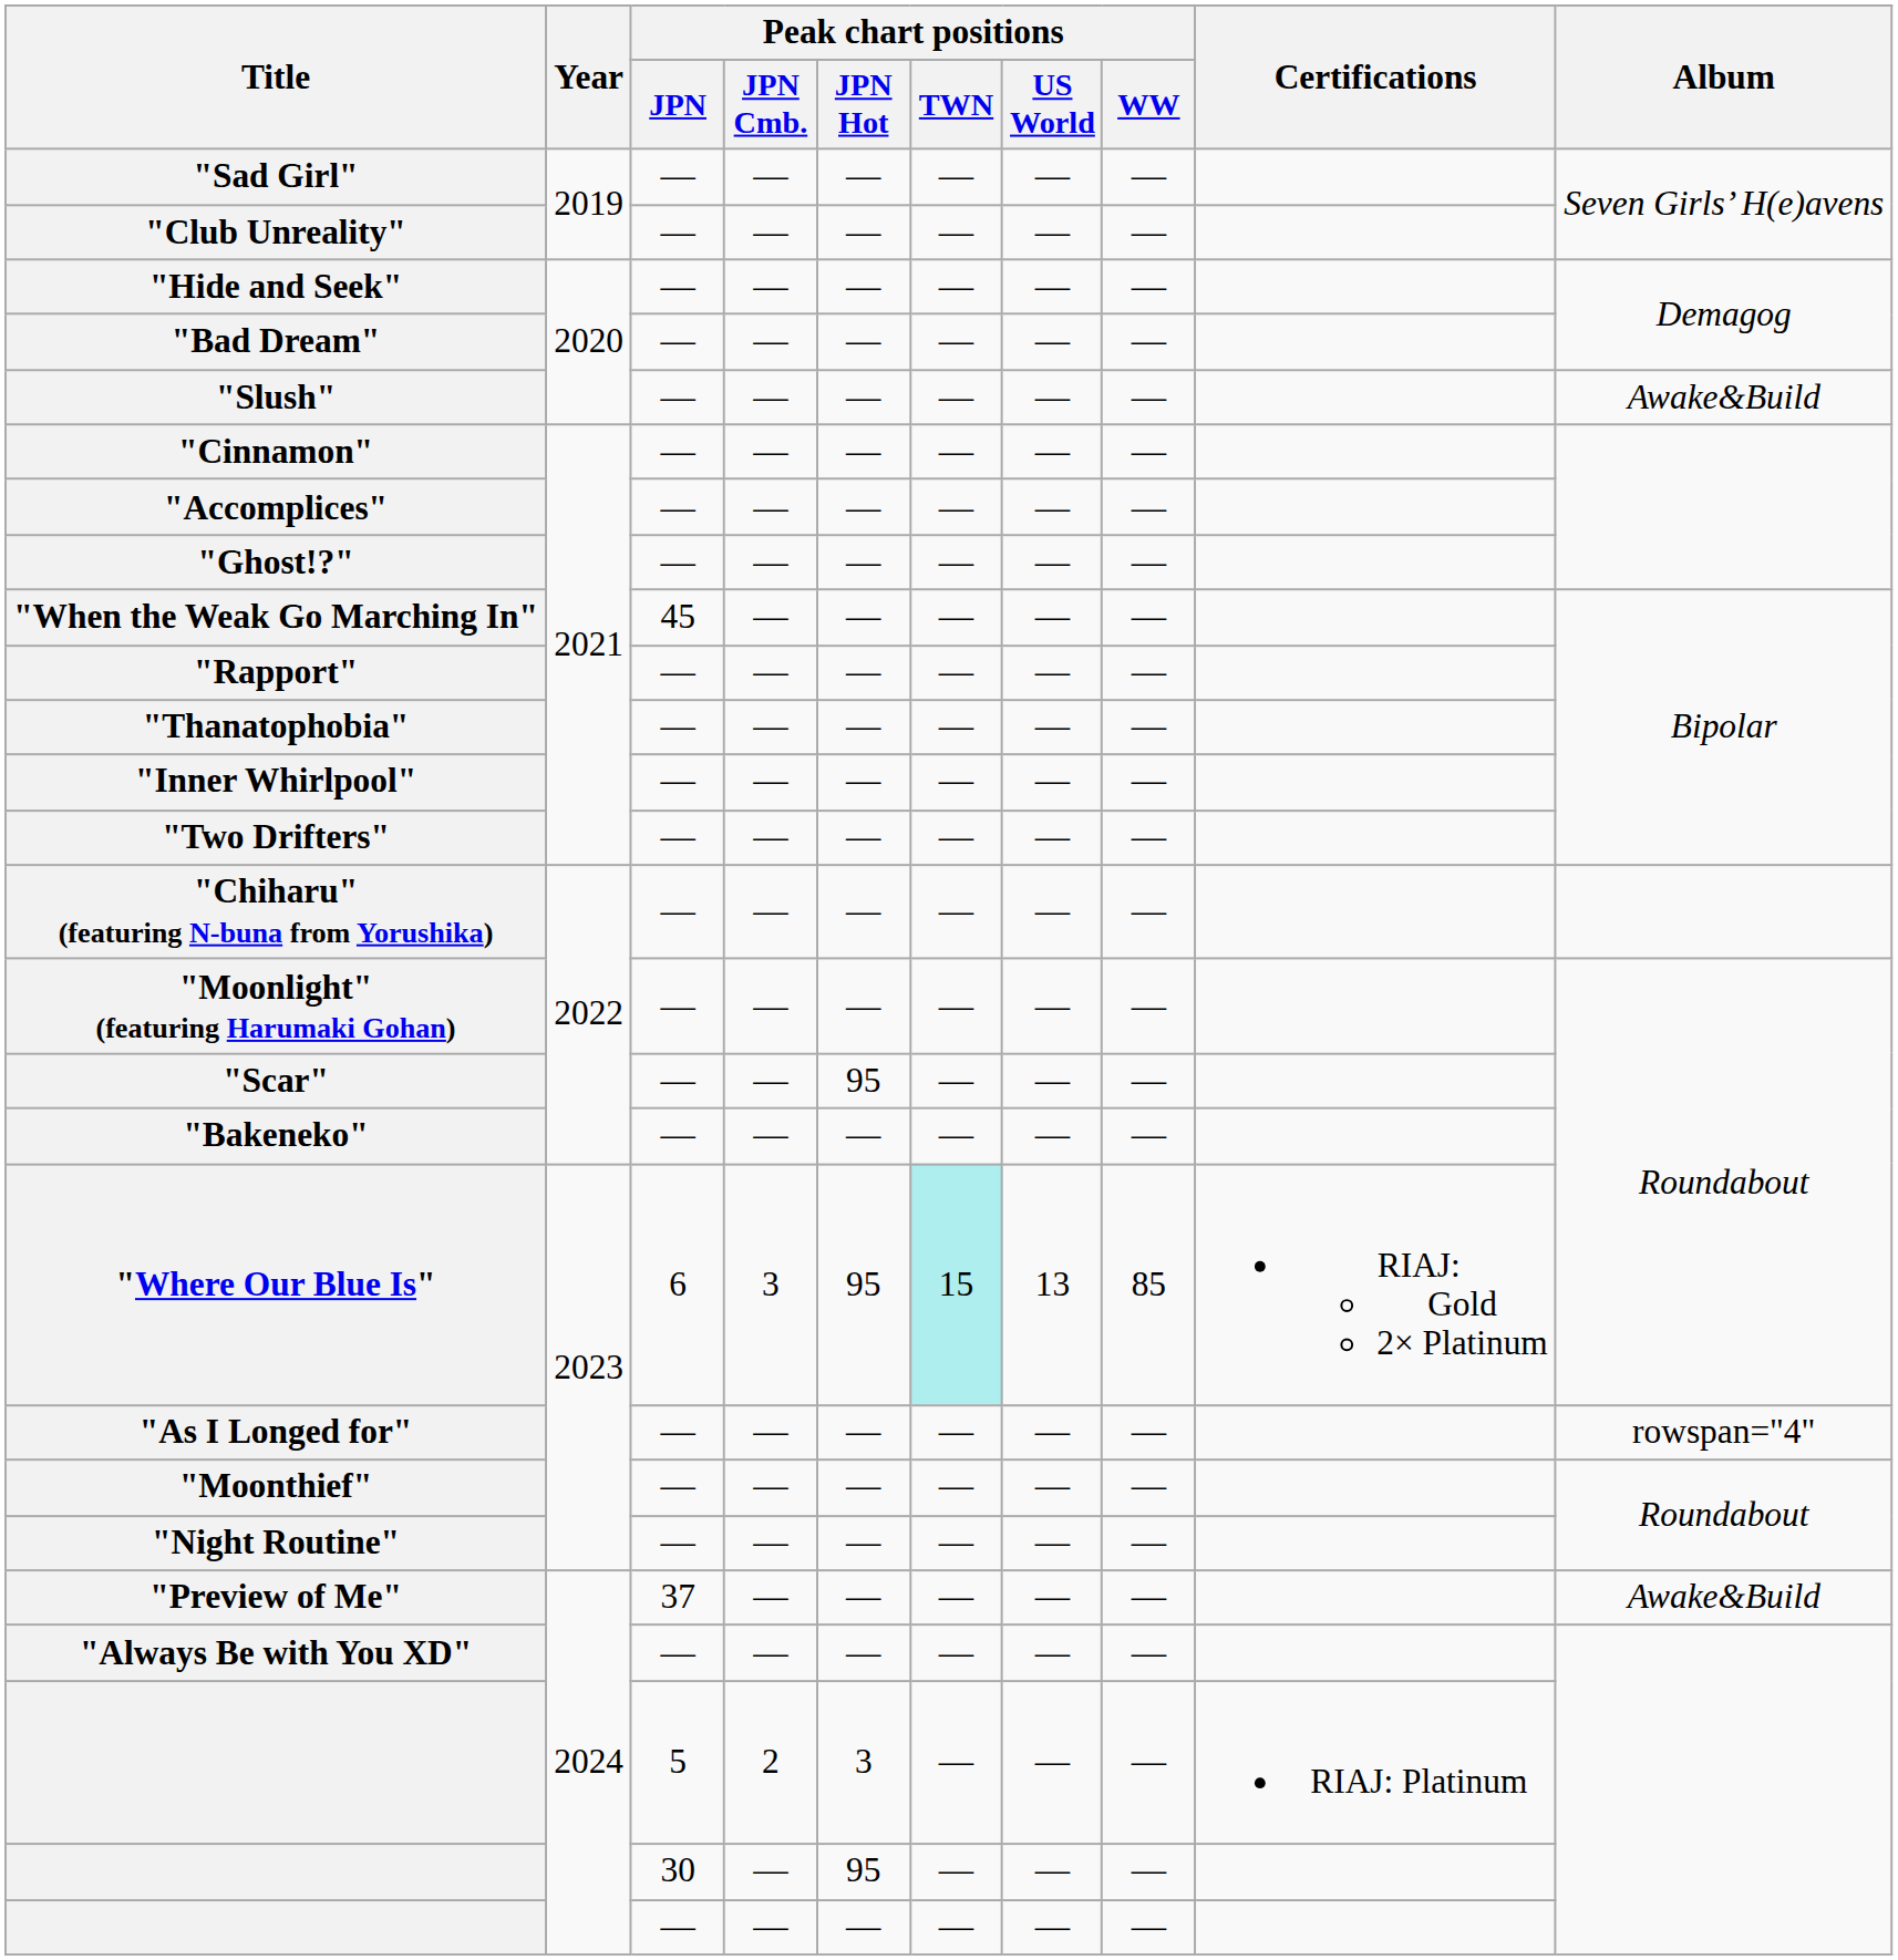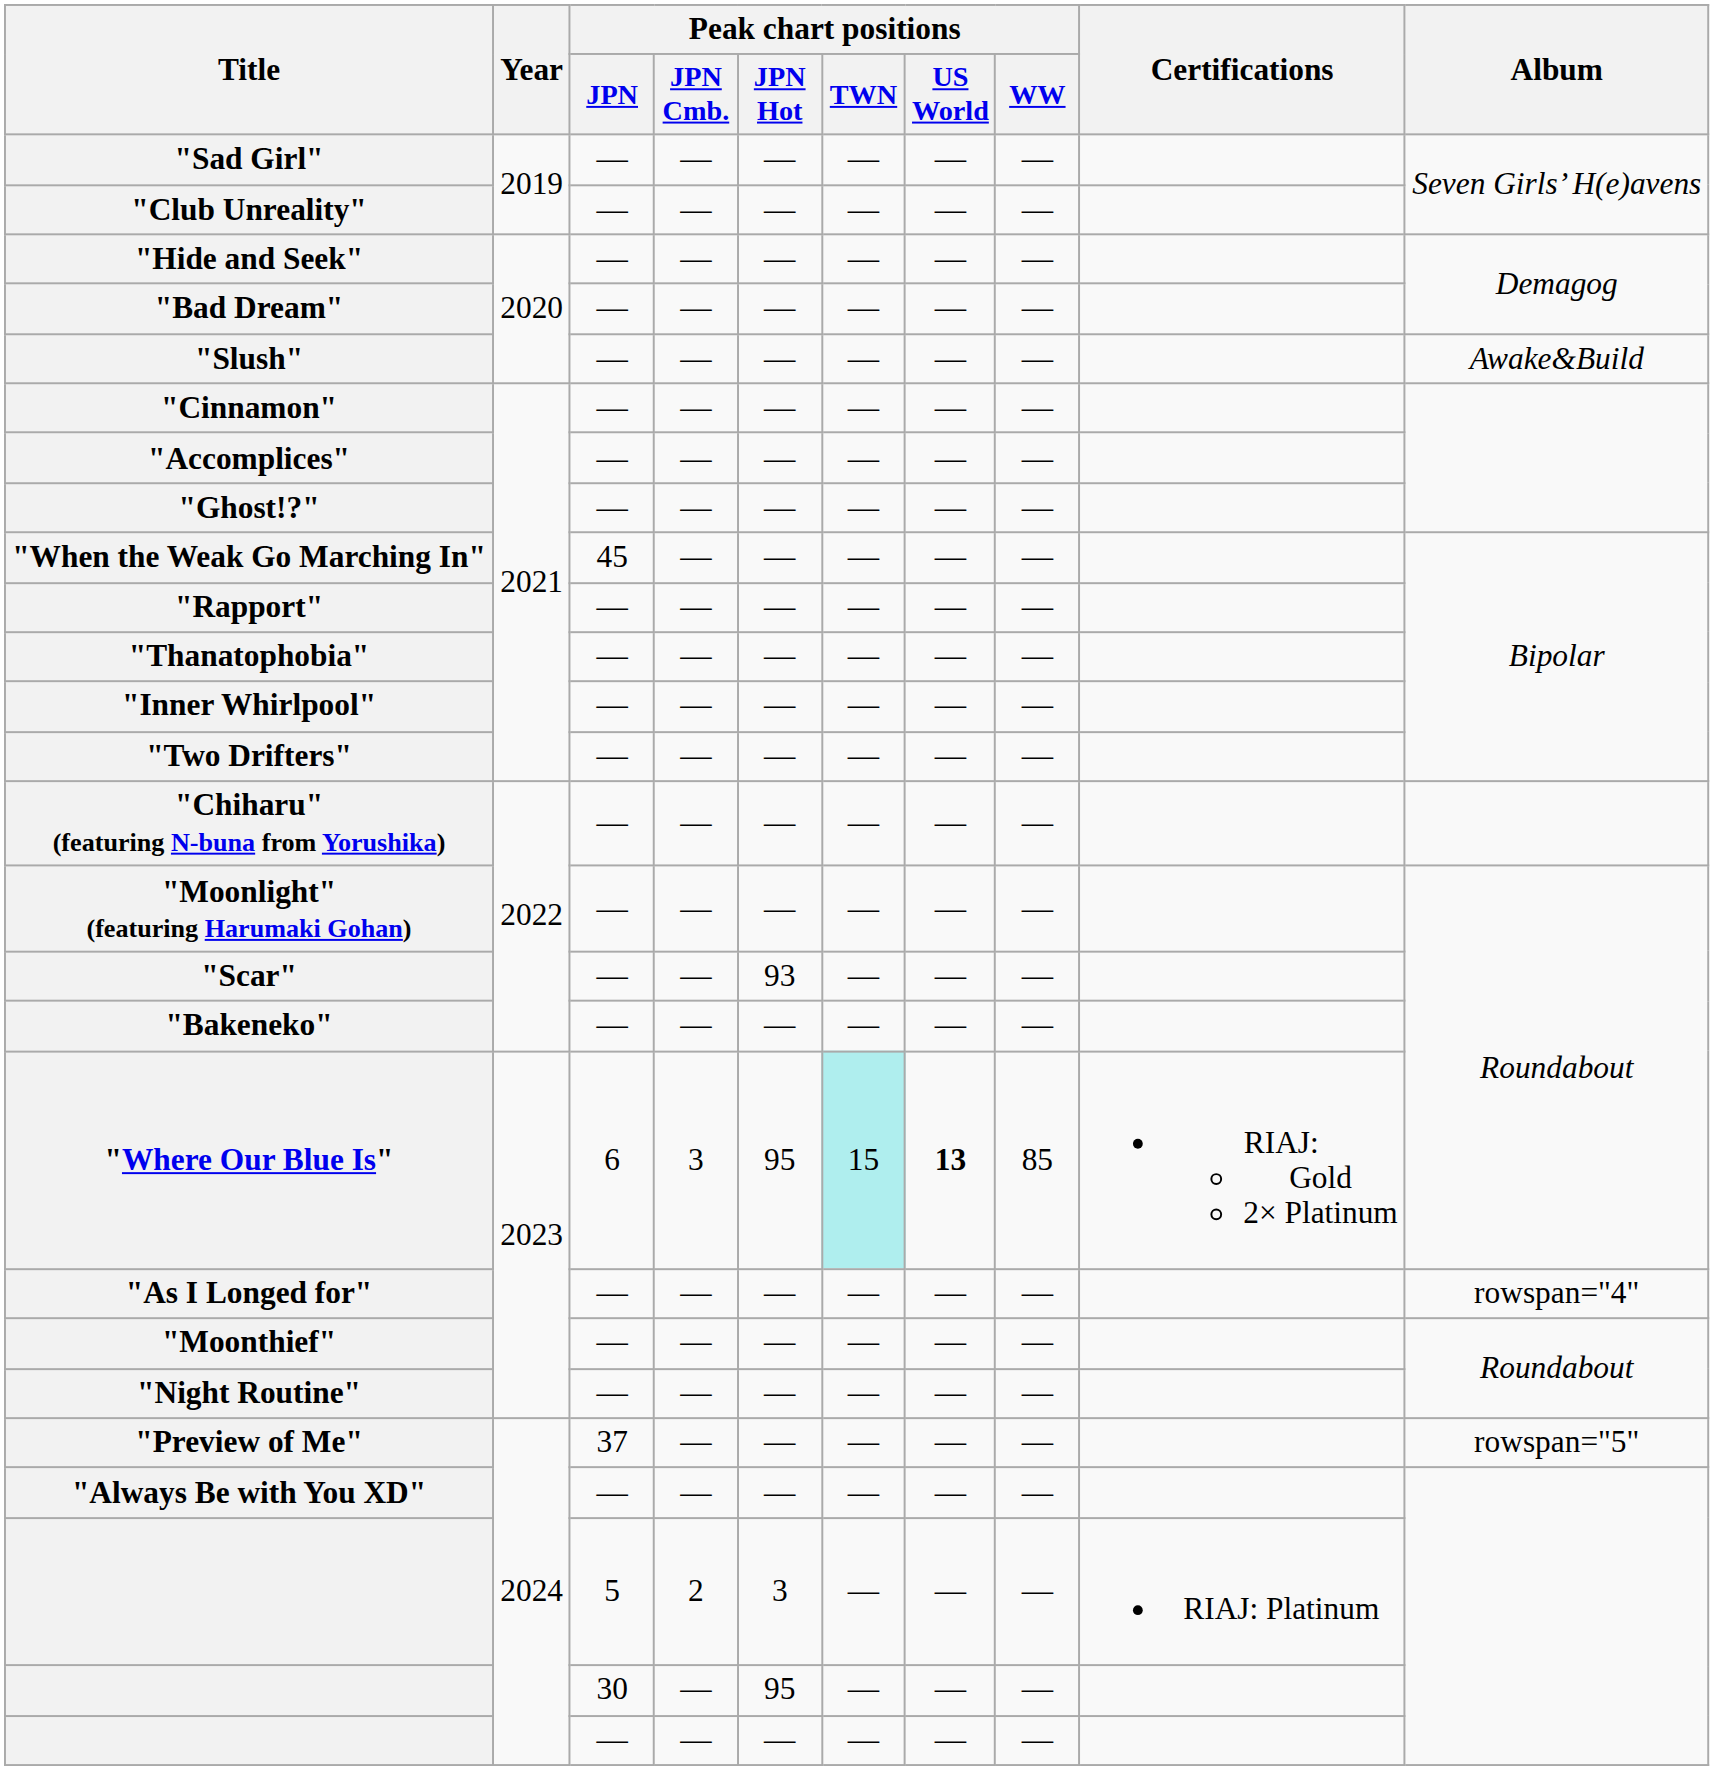 <table class="wikitable plainrowheaders" style="text-align:center;">
 <tr>
 <th rowspan="2" scope="col">Title</th>
 <th rowspan="2" scope="col">Year</th>
 <th colspan="6" scope="col">Peak chart positions</th>
 <th rowspan="2" scope="col">Certifications</th>
 <th rowspan="2" scope="col">Album</th>
 </tr>
 <tr>
 <th scope="col" style="width:2.5em;font-size:90%;"><a href='#'>JPN</a><br></th>
 <th scope="col" style="width:2.5em;font-size:90%;"><a href='#'>JPN<br>Cmb.</a><br></th>
 <th scope="col" style="width:2.5em;font-size:90%;"><a href='#'>JPN<br>Hot</a><br></th>
 <th scope="col" style="width:2.5em;font-size:90%;"><a href='#'>TWN</a><br></th>
 <th scope="col" style="width:2.5em;font-size:90%;"><a href='#'>US<br>World</a><br></th>
 <th scope="col" style="width:2.5em;font-size:90%;"><a href='#'>WW</a><br></th>
 </tr>
 <tr>
 <th scope="row">"Sad Girl"</th>
 <td rowspan="2">2019</td>
 <td>—</td>
 <td>—</td>
 <td>—</td>
 <td>—</td>
 <td>—</td>
 <td>—</td>
 <td></td>
 <td rowspan="2"><em>Seven Girls’ H(e)avens</em></td>
 </tr>
 <tr>
 <th scope="row">"Club Unreality" </th>
 <td>—</td>
 <td>—</td>
 <td>—</td>
 <td>—</td>
 <td>—</td>
 <td>—</td>
 <td></td>
 </tr>
 <tr>
 <th scope="row">"Hide and Seek" </th>
 <td rowspan="3">2020</td>
 <td>—</td>
 <td>—</td>
 <td>—</td>
 <td>—</td>
 <td>—</td>
 <td>—</td>
 <td></td>
 <td rowspan="2"><em>Demagog</em></td>
 </tr>
 <tr>
 <th scope="row">"Bad Dream" </th>
 <td>—</td>
 <td>—</td>
 <td>—</td>
 <td>—</td>
 <td>—</td>
 <td>—</td>
 <td></td>
 </tr>
 <tr>
 <th scope="row">"Slush" </th>
 <td>—</td>
 <td>—</td>
 <td>—</td>
 <td>—</td>
 <td>—</td>
 <td>—</td>
 <td></td>
 <td><em>Awake&Build</em></td>
 </tr>
 <tr>
 <th scope="row">"Cinnamon"</th>
 <td rowspan="8">2021</td>
 <td>—</td>
 <td>—</td>
 <td>—</td>
 <td>—</td>
 <td>—</td>
 <td>—</td>
 <td></td>
 </tr>
 <tr>
 <th scope="row">"Accomplices" </th>
 <td>—</td>
 <td>—</td>
 <td>—</td>
 <td>—</td>
 <td>—</td>
 <td>—</td>
 <td></td>
 </tr>
 <tr>
 <th scope="row">"Ghost!?"</th>
 <td>—</td>
 <td>—</td>
 <td>—</td>
 <td>—</td>
 <td>—</td>
 <td>—</td>
 <td></td>
 </tr>
 <tr>
 <th scope="row">"When the Weak Go Marching In" </th>
 <td>45</td>
 <td>—</td>
 <td>—</td>
 <td>—</td>
 <td>—</td>
 <td>—</td>
 <td></td>
 <td rowspan="5"><em>Bipolar</em></td>
 </tr>
 <tr>
 <th scope="row">"Rapport"</th>
 <td>—</td>
 <td>—</td>
 <td>—</td>
 <td>—</td>
 <td>—</td>
 <td>—</td>
 <td></td>
 </tr>
 <tr>
 <th scope="row">"Thanatophobia" </th>
 <td>—</td>
 <td>—</td>
 <td>—</td>
 <td>—</td>
 <td>—</td>
 <td>—</td>
 <td></td>
 </tr>
 <tr>
 <th scope="row">"Inner Whirlpool" </th>
 <td>—</td>
 <td>—</td>
 <td>—</td>
 <td>—</td>
 <td>—</td>
 <td>—</td>
 <td></td>
 </tr>
 <tr>
 <th scope="row">"Two Drifters" </th>
 <td>—</td>
 <td>—</td>
 <td>—</td>
 <td>—</td>
 <td>—</td>
 <td>—</td>
 <td></td>
 </tr>
 <tr>
 <th scope="row">"Chiharu" <br><small>(featuring <a href='#'>N-buna</a> from <a href='#'>Yorushika</a>)</small></th>
 <td rowspan="4">2022</td>
 <td>—</td>
 <td>—</td>
 <td>—</td>
 <td>—</td>
 <td>—</td>
 <td>—</td>
 <td></td>
 <td></td>
 </tr>
 <tr>
 <th scope="row">"Moonlight" <br><small>(featuring <a href='#'>Harumaki Gohan</a>)</small></th>
 <td>—</td>
 <td>—</td>
 <td>—</td>
 <td>—</td>
 <td>—</td>
 <td>—</td>
 <td></td>
 <td rowspan="4"><em>Roundabout</em></td>
 </tr>
 <tr>
 <th scope="row">"Scar" </th>
 <td>—</td>
 <td>—</td>
-<td>95</td>
+<td>93</td>
 <td>—</td>
 <td>—</td>
 <td>—</td>
 <td></td>
 </tr>
 <tr>
 <th scope="row">"Bakeneko" </th>
 <td>—</td>
 <td>—</td>
 <td>—</td>
 <td>—</td>
 <td>—</td>
 <td>—</td>
 <td></td>
 </tr>
 <tr>
 <th scope="row">"<a href='#'>Where Our Blue Is</a>" </th>
 <td rowspan="4">2023</td>
 <td>6</td>
 <td>3</td>
 <td>95</td>
 <td style="background: paleturquoise;">15</td>
-<td>13</td>
+<td><strong>13</strong></td>
 <td>85</td>
 <td><br><ul><li>RIAJ:<ul><li>Gold </li><li>2× Platinum </li></ul></li></ul></td>
 </tr>
 <tr>
 <th scope="row">"As I Longed for" <br></th>
 <td>—</td>
 <td>—</td>
 <td>—</td>
 <td>—</td>
 <td>—</td>
 <td>—</td>
 <td></td>
 <td>rowspan="4" </td>
 </tr>
 <tr>
 <th scope="row">"Moonthief"</th>
 <td>—</td>
 <td>—</td>
 <td>—</td>
 <td>—</td>
 <td>—</td>
 <td>—</td>
 <td></td>
 <td rowspan="2"><em>Roundabout</em></td>
 </tr>
 <tr>
 <th scope="row">"Night Routine" </th>
 <td>—</td>
 <td>—</td>
 <td>—</td>
 <td>—</td>
 <td>—</td>
 <td>—</td>
 <td></td>
 </tr>
 <tr>
 <th scope="row">"Preview of Me" </th>
 <td rowspan="5">2024</td>
 <td>37</td>
 <td>—</td>
 <td>—</td>
 <td>—</td>
 <td>—</td>
 <td>—</td>
 <td></td>
-<td><em>Awake&Build</em></td>
+<td>rowspan="5" </td>
 </tr>
 <tr>
 <th scope="row">"Always Be with You XD" </th>
 <td>—</td>
 <td>—</td>
 <td>—</td>
 <td>—</td>
 <td>—</td>
 <td>—</td>
 <td></td>
 </tr>
 <tr>
 <th scope="row"><br></th>
 <td>5</td>
 <td>2</td>
 <td>3</td>
 <td>—</td>
 <td>—</td>
 <td>—</td>
 <td><br><ul><li>RIAJ: Platinum </li></ul></td>
 </tr>
 <tr>
 <th scope="row"><br></th>
 <td>30</td>
 <td>—</td>
 <td>95</td>
 <td>—</td>
 <td>—</td>
 <td>—</td>
 <td></td>
 </tr>
 <tr>
 <th scope="row"></th>
 <td>—</td>
 <td>—</td>
 <td>—</td>
 <td>—</td>
 <td>—</td>
 <td>—</td>
 <td></td>
 </tr>
 </table>
